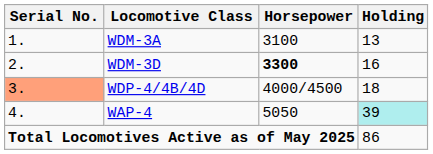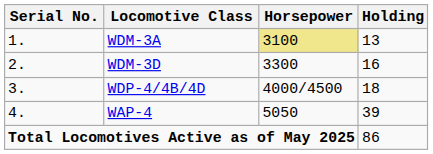 <table class="wikitable">
 <tr>
 <th>Serial No.</th>
 <th>Locomotive Class</th>
 <th>Horsepower</th>
 <th>Holding</th>
 </tr>
 <tr>
 <td>1.</td>
 <td><a href='#'>WDM-3A</a></td>
-<td>3100</td>
+<td style="background: khaki;">3100</td>
 <td>13</td>
 </tr>
 <tr>
 <td>2.</td>
 <td><a href='#'>WDM-3D</a></td>
-<td><strong>3300</strong></td>
+<td>3300</td>
 <td>16</td>
 </tr>
 <tr>
-<td style="background: lightsalmon;">3.</td>
+<td>3.</td>
 <td><a href='#'>WDP-4/4B/4D</a></td>
 <td>4000/4500</td>
 <td>18</td>
 </tr>
 <tr>
 <td>4.</td>
 <td><a href='#'>WAP-4</a></td>
 <td>5050</td>
-<td style="background: paleturquoise;">39</td>
+<td>39</td>
 </tr>
 <tr>
 <td colspan="3"><strong>Total Locomotives Active as of May 2025</strong></td>
 <td>86</td>
 </tr>
 </table>
